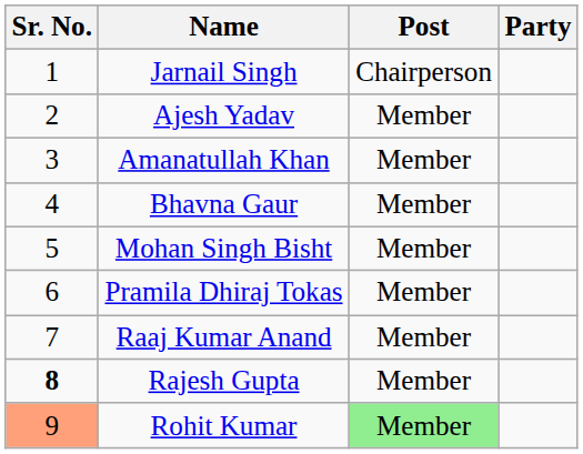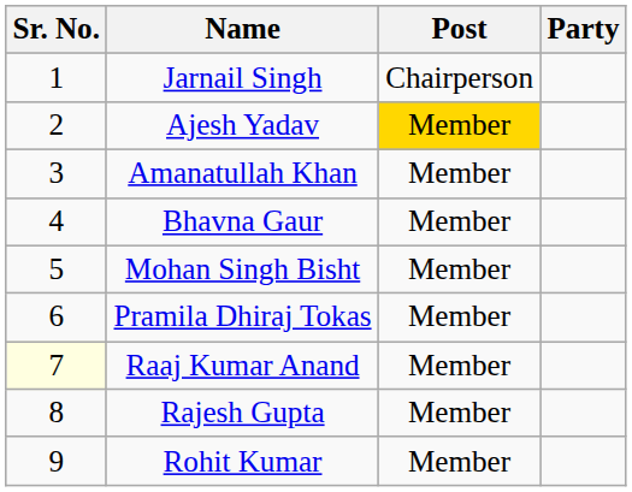 <table class="wikitable sortable">
 <tr>
 <th>Sr. No.</th>
 <th>Name</th>
 <th>Post</th>
 <th colspan="2">Party</th>
 </tr>
 <tr align="center">
 <td>1</td>
 <td><a href='#'>Jarnail Singh</a></td>
 <td>Chairperson</td>
 <td></td>
 </tr>
 <tr align="center">
 <td>2</td>
 <td><a href='#'>Ajesh Yadav</a></td>
-<td>Member</td>
+<td style="background: gold;">Member</td>
 <td></td>
 </tr>
 <tr align="center">
 <td>3</td>
 <td><a href='#'>Amanatullah Khan</a></td>
 <td>Member</td>
 <td></td>
 </tr>
 <tr align="center">
 <td>4</td>
 <td><a href='#'>Bhavna Gaur</a></td>
 <td>Member</td>
 <td></td>
 </tr>
 <tr align="center">
 <td>5</td>
 <td><a href='#'>Mohan Singh Bisht</a></td>
 <td>Member</td>
 <td></td>
 </tr>
 <tr align="center">
 <td>6</td>
 <td><a href='#'>Pramila Dhiraj Tokas</a></td>
 <td>Member</td>
 <td></td>
 </tr>
 <tr align="center">
-<td>7</td>
+<td style="background: lightyellow;">7</td>
 <td><a href='#'>Raaj Kumar Anand</a></td>
 <td>Member</td>
 <td></td>
 </tr>
 <tr align="center">
-<td><strong>8</strong></td>
+<td>8</td>
 <td><a href='#'>Rajesh Gupta</a></td>
 <td>Member</td>
 <td></td>
 </tr>
 <tr align="center">
-<td style="background: lightsalmon;">9</td>
+<td>9</td>
 <td><a href='#'>Rohit Kumar</a></td>
-<td style="background: lightgreen;">Member</td>
+<td>Member</td>
 <td></td>
 </tr>
 </table>
